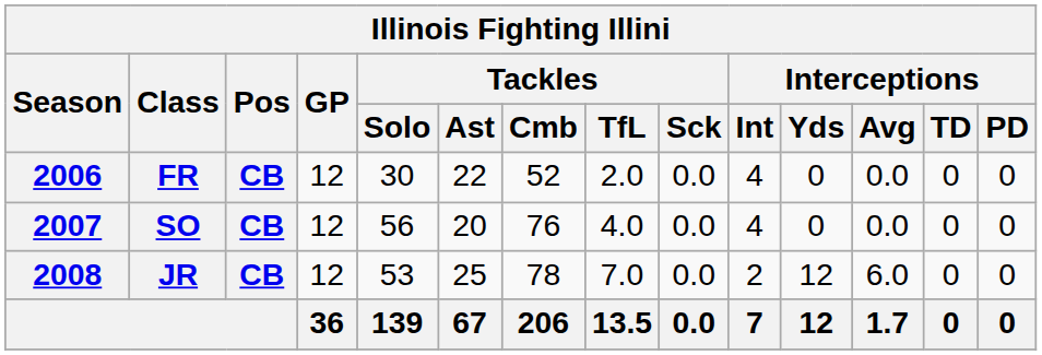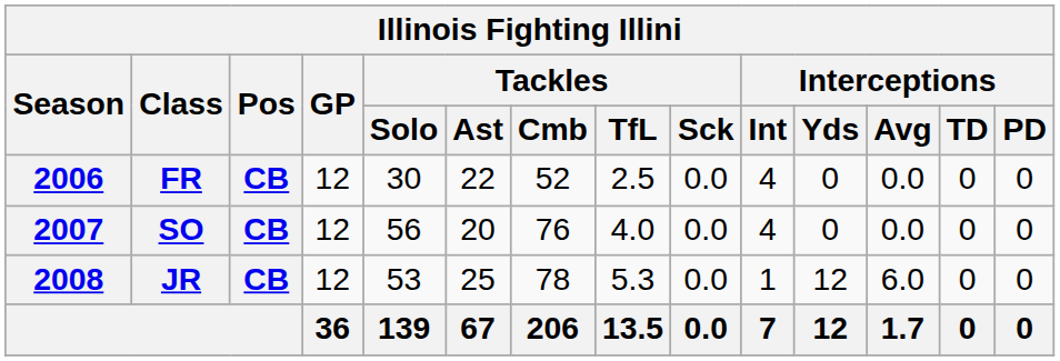 <table class="wikitable" style="text-align:center;">
 <tr>
 <th colspan="14">Illinois Fighting Illini</th>
 </tr>
 <tr>
 <th rowspan="2">Season</th>
 <th rowspan="2">Class</th>
 <th rowspan="2">Pos</th>
 <th rowspan="2">GP</th>
 <th colspan="5">Tackles</th>
 <th colspan="5">Interceptions</th>
 </tr>
 <tr>
 <th>Solo</th>
 <th>Ast</th>
 <th>Cmb</th>
 <th>TfL</th>
 <th>Sck</th>
 <th>Int</th>
 <th>Yds</th>
 <th>Avg</th>
 <th>TD</th>
 <th>PD</th>
 </tr>
 <tr>
 <th><a href='#'>2006</a></th>
 <th><a href='#'>FR</a></th>
 <th><a href='#'>CB</a></th>
 <td>12</td>
 <td>30</td>
 <td>22</td>
 <td>52</td>
-<td>2.0</td>
+<td>2.5</td>
 <td>0.0</td>
 <td>4</td>
 <td>0</td>
 <td>0.0</td>
 <td>0</td>
 <td>0</td>
 </tr>
 <tr>
 <th><a href='#'>2007</a></th>
 <th><a href='#'>SO</a></th>
 <th><a href='#'>CB</a></th>
 <td>12</td>
 <td>56</td>
 <td>20</td>
 <td>76</td>
 <td>4.0</td>
 <td>0.0</td>
 <td>4</td>
 <td>0</td>
 <td>0.0</td>
 <td>0</td>
 <td>0</td>
 </tr>
 <tr>
 <th><a href='#'>2008</a></th>
 <th><a href='#'>JR</a></th>
 <th><a href='#'>CB</a></th>
 <td>12</td>
 <td>53</td>
 <td>25</td>
 <td>78</td>
-<td>7.0</td>
+<td>5.3</td>
 <td>0.0</td>
-<td>2</td>
+<td>1</td>
 <td>12</td>
 <td>6.0</td>
 <td>0</td>
 <td>0</td>
 </tr>
 <tr>
 <th colspan="3"></th>
 <th>36</th>
 <th>139</th>
 <th>67</th>
 <th>206</th>
 <th>13.5</th>
 <th>0.0</th>
 <th>7</th>
 <th>12</th>
 <th>1.7</th>
 <th>0</th>
 <th>0</th>
 </tr>
 </table>
